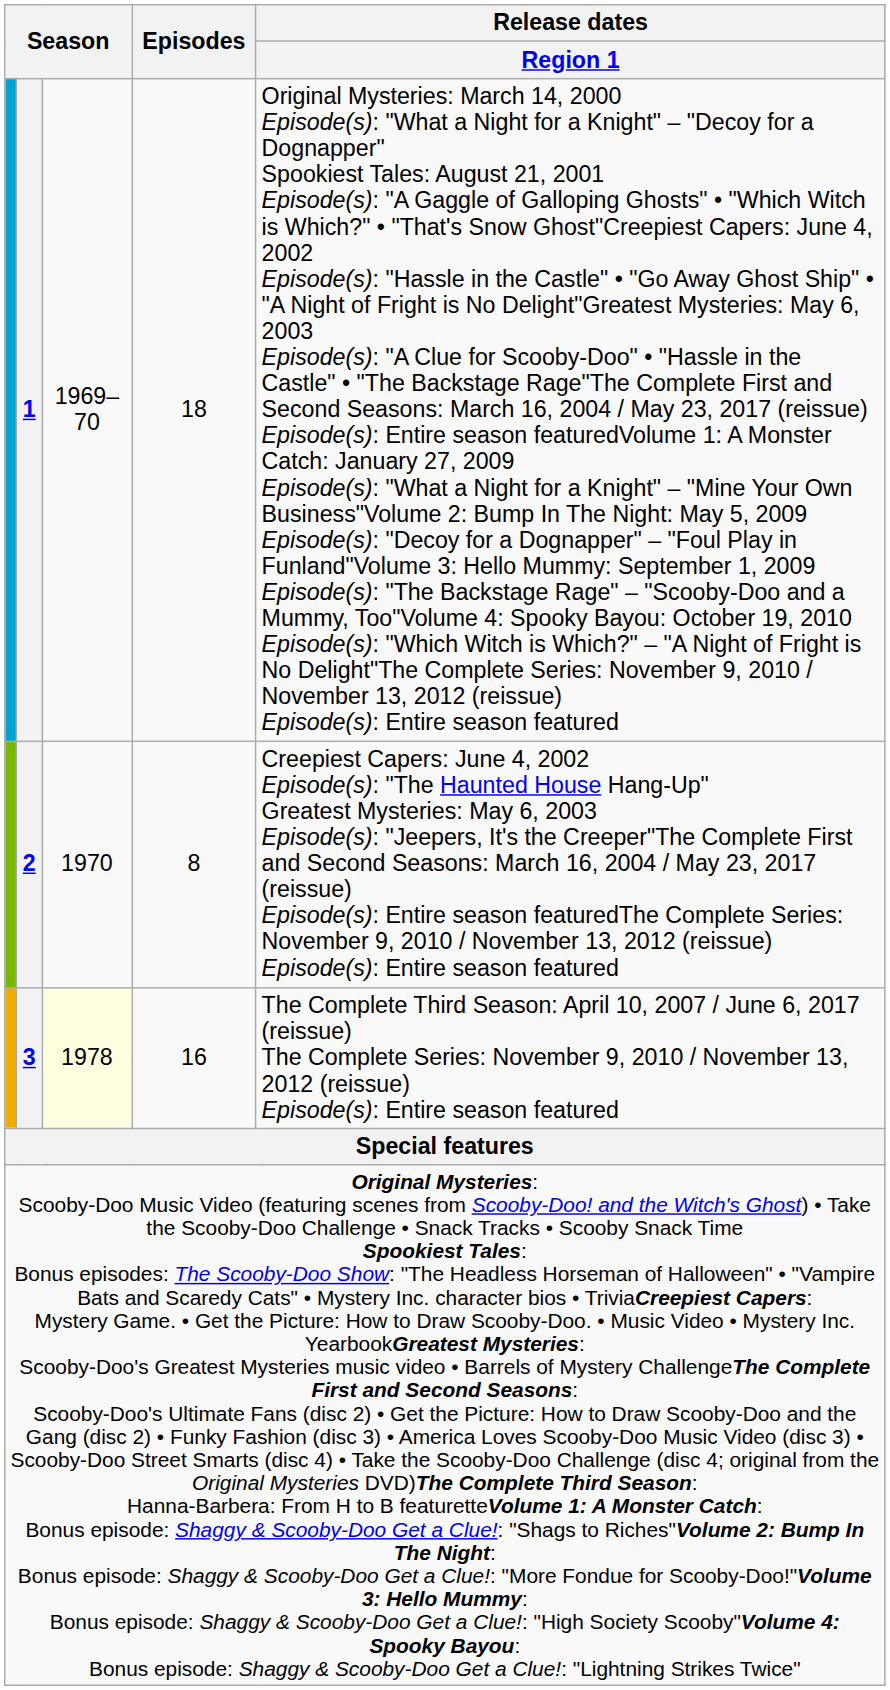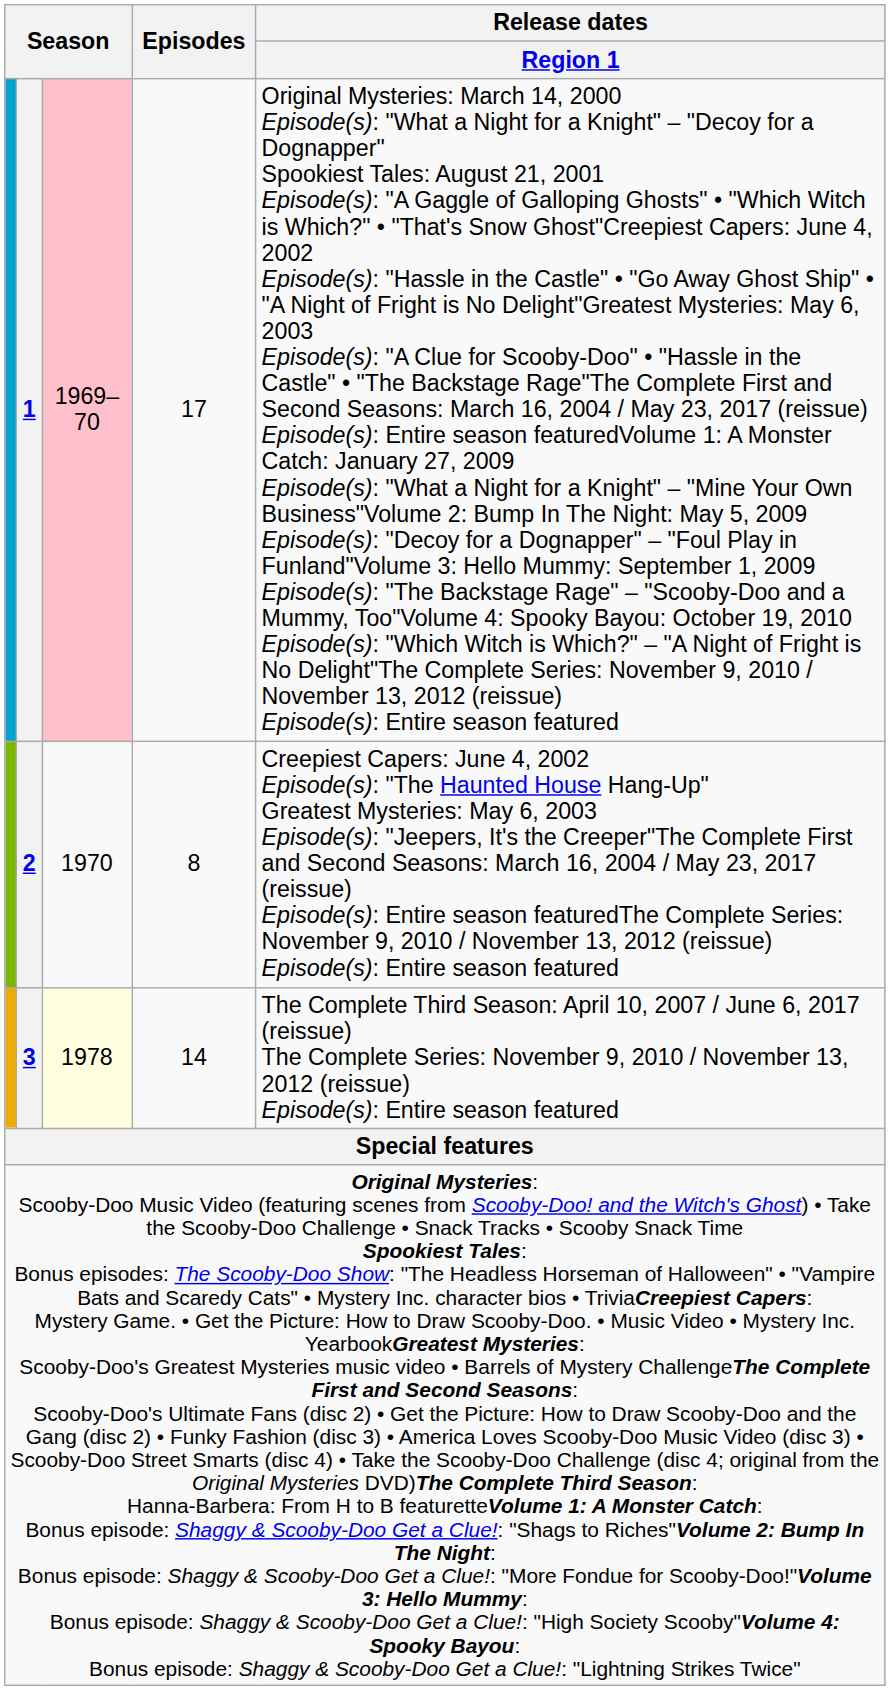 <table class="wikitable">
 <tr>
 <th colspan=3 rowspan=2>Season</th>
 <th rowspan=2>Episodes</th>
 <th>Release dates</th>
 </tr>
 <tr>
 <th><a href='#'>Region 1</a></th>
 </tr>
 <tr>
 <th style="background:#00a2cf"></th>
 <th style="text-align: center"><a href='#'>1</a></th>
-<td style="text-align: center">1969–70</td>
-<td style="text-align: center">18</td>
+<td style="background: pink; text-align: center">1969–70</td>
+<td style="text-align: center">17</td>
 <td>Original Mysteries: March 14, 2000<br><em>Episode(s)</em>: "What a Night for a Knight" – "Decoy for a Dognapper"<br>Spookiest Tales: August 21, 2001<br><em>Episode(s)</em>: "A Gaggle of Galloping Ghosts" • "Which Witch is Which?" • "That's Snow Ghost"Creepiest Capers: June 4, 2002<br><em>Episode(s)</em>: "Hassle in the Castle" • "Go Away Ghost Ship" • "A Night of Fright is No Delight"Greatest Mysteries: May 6, 2003<br><em>Episode(s)</em>: "A Clue for Scooby-Doo" • "Hassle in the Castle" • "The Backstage Rage"The Complete First and Second Seasons: March 16, 2004 / May 23, 2017 (reissue)<br><em>Episode(s)</em>: Entire season featuredVolume 1: A Monster Catch: January 27, 2009<br><em>Episode(s)</em>: "What a Night for a Knight" – "Mine Your Own Business"Volume 2: Bump In The Night: May 5, 2009<br><em>Episode(s)</em>: "Decoy for a Dognapper" – "Foul Play in Funland"Volume 3: Hello Mummy: September 1, 2009<br><em>Episode(s)</em>: "The Backstage Rage" – "Scooby-Doo and a Mummy, Too"Volume 4: Spooky Bayou: October 19, 2010<br><em>Episode(s)</em>: "Which Witch is Which?" – "A Night of Fright is No Delight"The Complete Series: November 9, 2010 / November 13, 2012 (reissue)<br><em>Episode(s)</em>: Entire season featured</td>
 </tr>
 <tr>
 <th style="background:#7ab800"></th>
 <th style="text-align: center"><a href='#'>2</a></th>
 <td style="text-align: center">1970</td>
 <td style="text-align: center">8</td>
 <td>Creepiest Capers: June 4, 2002<br><em>Episode(s)</em>: "The <a href='#'>Haunted House</a> Hang-Up"<br>Greatest Mysteries: May 6, 2003<br><em>Episode(s)</em>: "Jeepers, It's the Creeper"The Complete First and Second Seasons: March 16, 2004 / May 23, 2017 (reissue)<br><em>Episode(s)</em>: Entire season featuredThe Complete Series: November 9, 2010 / November 13, 2012 (reissue)<br><em>Episode(s)</em>: Entire season featured</td>
 </tr>
 <tr>
 <th style="background:#F0AB00"></th>
 <th style="text-align: center"><a href='#'>3</a></th>
 <td style="background: lightyellow; text-align: center">1978</td>
-<td style="text-align: center">16</td>
+<td style="text-align: center">14</td>
 <td>The Complete Third Season: April 10, 2007 / June 6, 2017 (reissue)<br>The Complete Series: November 9, 2010 / November 13, 2012 (reissue)<br><em>Episode(s)</em>: Entire season featured</td>
 </tr>
 <tr>
 <th colspan=6>Special features</th>
 </tr>
 <tr style="text-align: center; font-size:90%">
 <td colspan=6><strong><em>Original Mysteries</em></strong>:<br>Scooby-Doo Music Video (featuring scenes from <em><a href='#'>Scooby-Doo! and the Witch's Ghost</a></em>) • Take the Scooby-Doo Challenge • Snack Tracks • Scooby Snack Time<br><strong><em>Spookiest Tales</em></strong>:<br>Bonus episodes: <em><a href='#'>The Scooby-Doo Show</a></em>: "The Headless Horseman of Halloween" • "Vampire Bats and Scaredy Cats" • Mystery Inc. character bios • Trivia<strong><em>Creepiest Capers</em></strong>:<br>Mystery Game. • Get the Picture: How to Draw Scooby-Doo. • Music Video • Mystery Inc. Yearbook<strong><em>Greatest Mysteries</em></strong>:<br>Scooby-Doo's Greatest Mysteries music video • Barrels of Mystery Challenge<strong><em>The Complete First and Second Seasons</em></strong>:<br>Scooby-Doo's Ultimate Fans (disc 2) • Get the Picture: How to Draw Scooby-Doo and the Gang (disc 2) • Funky Fashion (disc 3) • America Loves Scooby-Doo Music Video (disc 3) • Scooby-Doo Street Smarts (disc 4) • Take the Scooby-Doo Challenge (disc 4; original from the <em>Original Mysteries</em> DVD)<strong><em>The Complete Third Season</em></strong>:<br>Hanna-Barbera: From H to B featurette<strong><em>Volume 1: A Monster Catch</em></strong>:<br>Bonus episode: <em><a href='#'>Shaggy & Scooby-Doo Get a Clue!</a></em>: "Shags to Riches"<strong><em>Volume 2: Bump In The Night</em></strong>:<br>Bonus episode: <em>Shaggy & Scooby-Doo Get a Clue!</em>: "More Fondue for Scooby-Doo!"<strong><em>Volume 3: Hello Mummy</em></strong>:<br>Bonus episode: <em>Shaggy & Scooby-Doo Get a Clue!</em>: "High Society Scooby"<strong><em>Volume 4: Spooky Bayou</em></strong>:<br>Bonus episode: <em>Shaggy & Scooby-Doo Get a Clue!</em>: "Lightning Strikes Twice"</td>
 </tr>
 </table>
